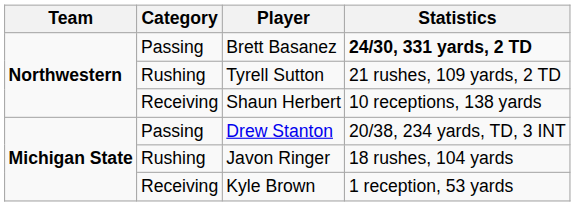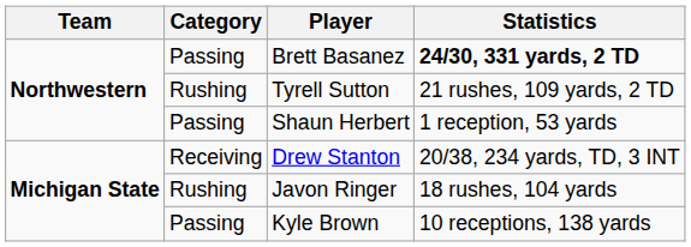 <table class="wikitable" style="float: left;">
 <tr>
 <th>Team</th>
 <th>Category</th>
 <th>Player</th>
 <th>Statistics</th>
 </tr>
 <tr>
 <td rowspan=3><strong>Northwestern</strong></td>
 <td>Passing</td>
 <td>Brett Basanez</td>
 <td><strong>24/30, 331 yards, 2 TD</strong></td>
 </tr>
 <tr>
 <td>Rushing</td>
 <td>Tyrell Sutton</td>
 <td>21 rushes, 109 yards, 2 TD</td>
 </tr>
 <tr>
-<td>Receiving</td>
+<td>Passing</td>
 <td>Shaun Herbert</td>
-<td>10 receptions, 138 yards</td>
+<td>1 reception, 53 yards</td>
 </tr>
 <tr>
 <td rowspan=3><strong>Michigan State</strong></td>
-<td>Passing</td>
+<td>Receiving</td>
 <td><a href='#'>Drew Stanton</a></td>
 <td>20/38, 234 yards, TD, 3 INT</td>
 </tr>
 <tr>
 <td>Rushing</td>
 <td>Javon Ringer</td>
 <td>18 rushes, 104 yards</td>
 </tr>
 <tr>
-<td>Receiving</td>
+<td>Passing</td>
 <td>Kyle Brown</td>
-<td>1 reception, 53 yards</td>
+<td>10 receptions, 138 yards</td>
 </tr>
 </table>
